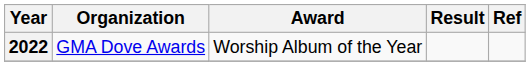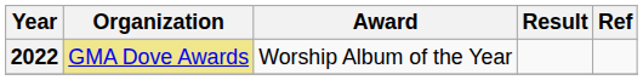 <table class="wikitable plainrowheaders">
 <tr>
 <th>Year</th>
 <th>Organization</th>
 <th>Award</th>
 <th>Result</th>
 <th>Ref</th>
 </tr>
 <tr>
 <th scope="row">2022</th>
-<td><a href='#'>GMA Dove Awards</a></td>
+<td style="background: khaki;"><a href='#'>GMA Dove Awards</a></td>
 <td>Worship Album of the Year</td>
 <td></td>
 <td></td>
 </tr>
 <tr>
 </tr>
 </table>
